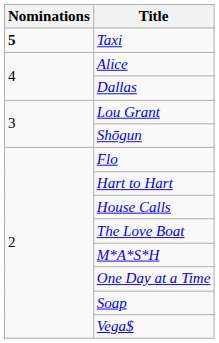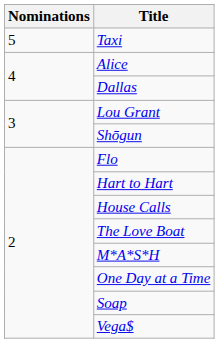 <table class="wikitable">
 <tr>
 <th>Nominations</th>
 <th>Title</th>
 </tr>
 <tr>
-<td><strong>5</strong></td>
+<td>5</td>
 <td><em><a href='#'>Taxi</a></em></td>
 </tr>
 <tr>
 <td rowspan="2">4</td>
 <td><em><a href='#'>Alice</a></em></td>
 </tr>
 <tr>
 <td><em><a href='#'>Dallas</a></em></td>
 </tr>
 <tr>
 <td rowspan="2">3</td>
 <td><em><a href='#'>Lou Grant</a></em></td>
 </tr>
 <tr>
 <td><em><a href='#'>Shōgun</a></em></td>
 </tr>
 <tr>
 <td rowspan="8">2</td>
 <td><em><a href='#'>Flo</a></em></td>
 </tr>
 <tr>
 <td><em><a href='#'>Hart to Hart</a></em></td>
 </tr>
 <tr>
 <td><em><a href='#'>House Calls</a></em></td>
 </tr>
 <tr>
 <td><em><a href='#'>The Love Boat</a></em></td>
 </tr>
 <tr>
 <td><em><a href='#'>M*A*S*H</a></em></td>
 </tr>
 <tr>
 <td><em><a href='#'>One Day at a Time</a></em></td>
 </tr>
 <tr>
 <td><em><a href='#'>Soap</a></em></td>
 </tr>
 <tr>
 <td><em><a href='#'>Vega$</a></em></td>
 </tr>
 </table>
